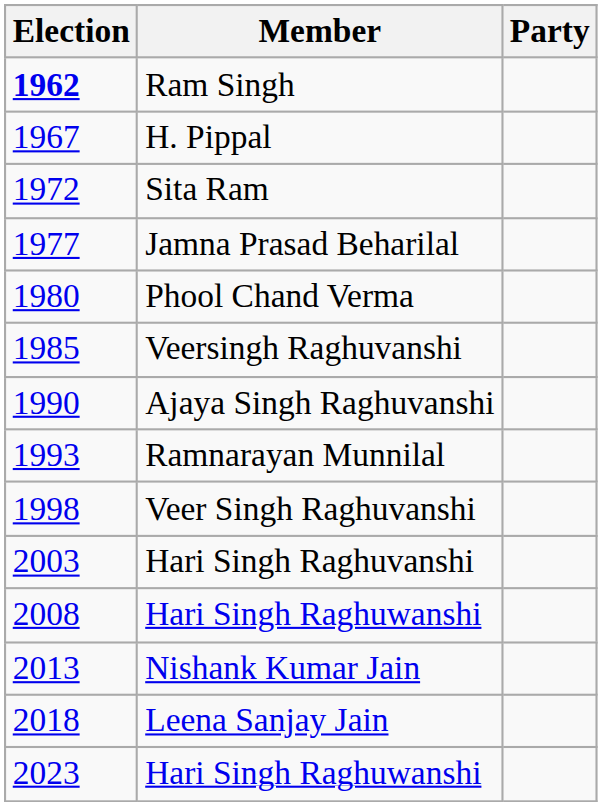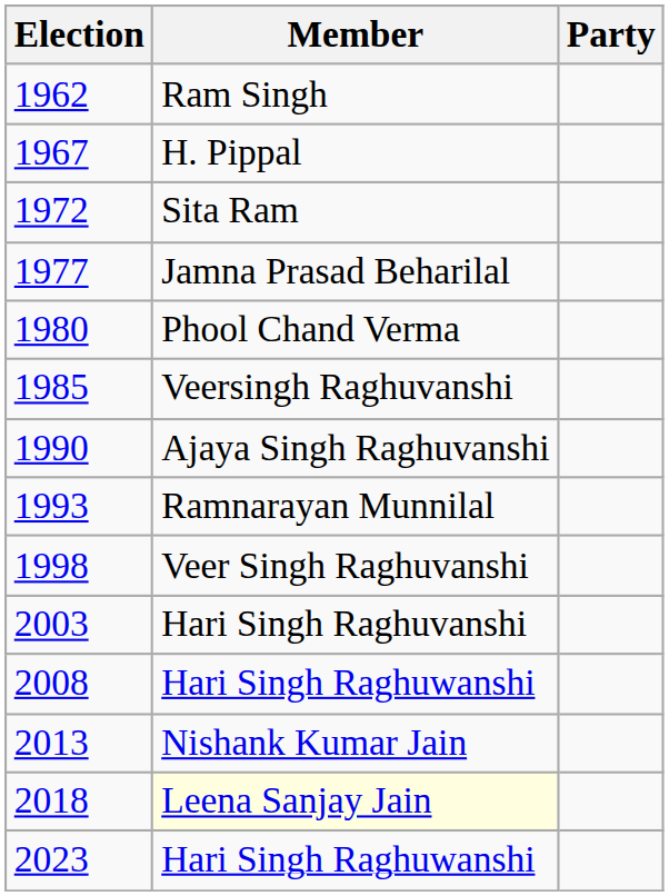 <table class="wikitable sortable">
 <tr>
 <th>Election</th>
 <th>Member</th>
 <th colspan="2">Party</th>
 </tr>
 <tr>
-<td><strong><a href='#'>1962</a></strong></td>
+<td><a href='#'>1962</a></td>
 <td>Ram Singh</td>
 <td></td>
 </tr>
 <tr>
 <td><a href='#'>1967</a></td>
 <td>H. Pippal</td>
 <td></td>
 </tr>
 <tr>
 <td><a href='#'>1972</a></td>
 <td>Sita Ram</td>
 </tr>
 <tr>
 <td><a href='#'>1977</a></td>
 <td>Jamna Prasad Beharilal</td>
 <td></td>
 </tr>
 <tr>
 <td><a href='#'>1980</a></td>
 <td>Phool Chand Verma</td>
 <td></td>
 </tr>
 <tr>
 <td><a href='#'>1985</a></td>
 <td>Veersingh Raghuvanshi</td>
 <td></td>
 </tr>
 <tr>
 <td><a href='#'>1990</a></td>
 <td>Ajaya Singh Raghuvanshi</td>
 <td></td>
 </tr>
 <tr>
 <td><a href='#'>1993</a></td>
 <td>Ramnarayan Munnilal</td>
 <td></td>
 </tr>
 <tr>
 <td><a href='#'>1998</a></td>
 <td>Veer Singh Raghuvanshi</td>
 </tr>
 <tr>
 <td><a href='#'>2003</a></td>
 <td>Hari Singh Raghuvanshi</td>
 <td></td>
 </tr>
 <tr>
 <td><a href='#'>2008</a></td>
 <td><a href='#'>Hari Singh Raghuwanshi</a></td>
 </tr>
 <tr>
 <td><a href='#'>2013</a></td>
 <td><a href='#'>Nishank Kumar Jain</a></td>
 <td></td>
 </tr>
 <tr>
 <td><a href='#'>2018</a></td>
-<td><a href='#'>Leena Sanjay Jain</a></td>
+<td style="background: lightyellow;"><a href='#'>Leena Sanjay Jain</a></td>
 <td></td>
 </tr>
 <tr>
 <td><a href='#'>2023</a></td>
 <td><a href='#'>Hari Singh Raghuwanshi</a></td>
 </tr>
 </table>
